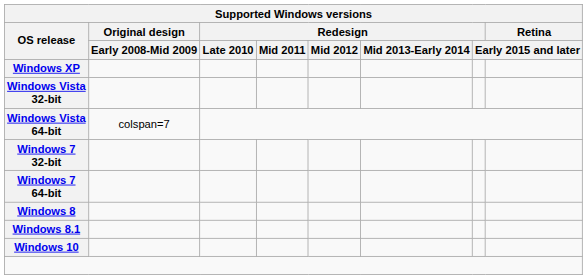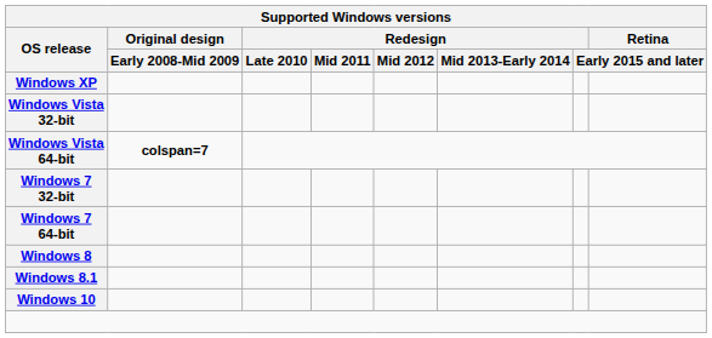 <table class="wikitable mw-collapsible mw-collapsed" style="font-size:small; text-align:center">
 <tr>
 <th colspan=8 style="text-align:center">Supported Windows versions</th>
 </tr>
 <tr>
 <th rowspan=2>OS release</th>
 <th>Original design</th>
 <th colspan=5>Redesign</th>
 <th>Retina</th>
 </tr>
 <tr>
 <th>Early 2008-Mid 2009</th>
 <th>Late 2010</th>
 <th>Mid 2011</th>
 <th>Mid 2012</th>
 <th>Mid 2013-Early 2014</th>
 <th colspan=2>Early 2015 and later</th>
 </tr>
 <tr>
 <th><a href='#'>Windows XP</a></th>
 <td></td>
 <td></td>
 <td></td>
 <td></td>
 <td></td>
 <td></td>
 <td></td>
 </tr>
 <tr>
 <th><a href='#'>Windows Vista</a><br>32-bit</th>
 <td></td>
 <td></td>
 <td></td>
 <td></td>
 <td></td>
 <td></td>
 <td></td>
 </tr>
 <tr>
 <th><a href='#'>Windows Vista</a><br>64-bit</th>
-<td>colspan=7 </td>
+<td><strong>colspan=7 </strong></td>
 </tr>
 <tr>
 <th><a href='#'>Windows 7</a><br>32-bit</th>
 <td></td>
 <td></td>
 <td></td>
 <td></td>
 <td></td>
 <td></td>
 <td></td>
 </tr>
 <tr>
 <th><a href='#'>Windows 7</a><br>64-bit</th>
 <td></td>
 <td></td>
 <td></td>
 <td></td>
 <td></td>
 <td></td>
 <td></td>
 </tr>
 <tr>
 <th><a href='#'>Windows 8</a><br></th>
 <td></td>
 <td></td>
 <td></td>
 <td></td>
 <td></td>
 <td></td>
 <td></td>
 </tr>
 <tr>
 <th><a href='#'>Windows 8.1</a><br></th>
 <td></td>
 <td></td>
 <td></td>
 <td></td>
 <td></td>
 <td></td>
 <td></td>
 </tr>
 <tr>
 <th><a href='#'>Windows 10</a><br></th>
 <td></td>
 <td></td>
 <td></td>
 <td></td>
 <td></td>
 <td></td>
 <td></td>
 </tr>
 <tr>
 <td colspan="81"><br></td>
 </tr>
 </table>
